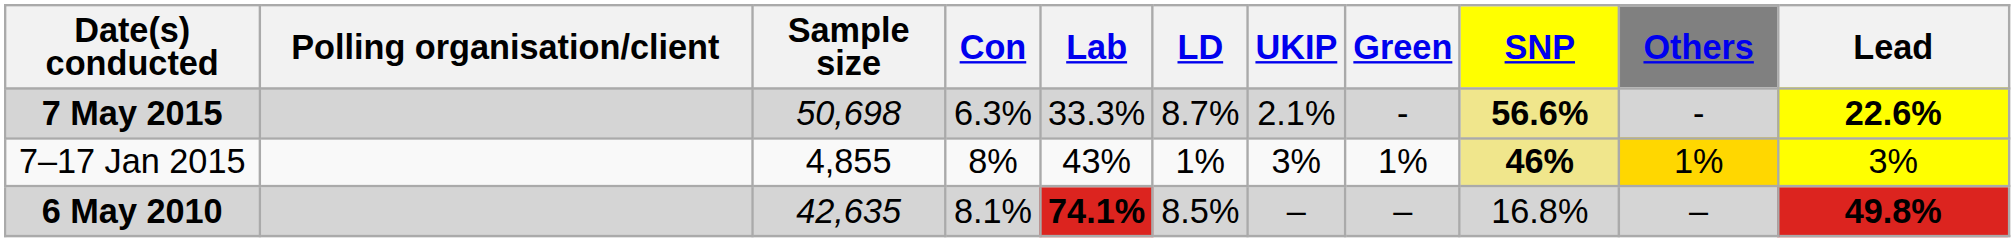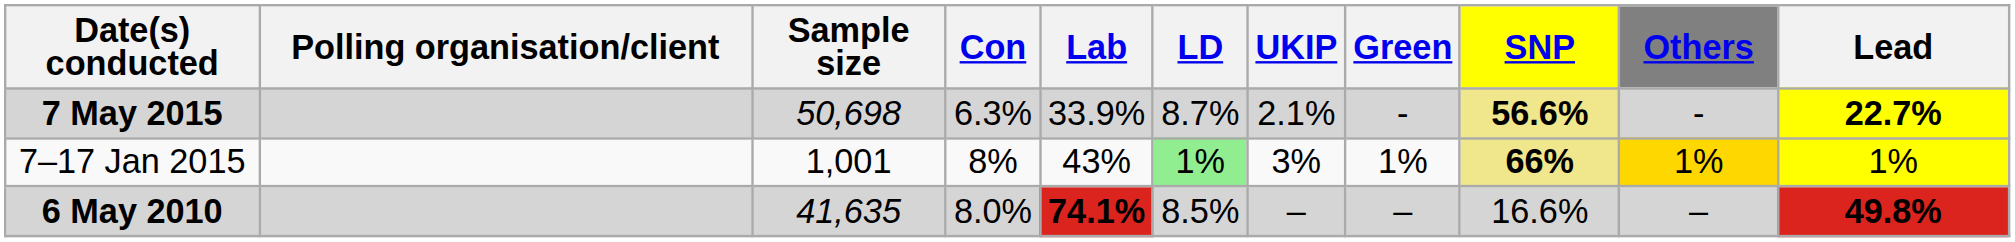 <table class="wikitable sortable" style="text-align:center;font-size:90%;line-height:14px">
 <tr>
 <th ! style="width:100px;">Date(s)<br>conducted</th>
 <th style="width:200px;">Polling organisation/client</th>
 <th class="unsortable" style="width:75px;">Sample size</th>
 <th class="unsortable" style="background:"><a href='#'><span>Con</span></a></th>
 <th class="unsortable" style="background:"><a href='#'><span>Lab</span></a></th>
 <th class="unsortable" style="background:"><a href='#'><span>LD</span></a></th>
 <th class="unsortable" style="background:"><a href='#'><span>UKIP</span></a></th>
 <th class="unsortable" style="background:"><a href='#'><span>Green</span></a></th>
 <th class="unsortable" style="background:#ffff00; width:60px;"><a href='#'><span>SNP</span></a></th>
 <th class="unsortable" style="background:gray; width:60px;"><a href='#'><span>Others</span></a></th>
 <th class="unsortable" style="width:90px;">Lead</th>
 </tr>
 <tr>
 <td style="background:#D5D5D5"><strong>7 May 2015</strong></td>
 <td style="background:#D5D5D5"></td>
 <td style="background:#D5D5D5"><em>50,698</em></td>
 <td style="background:#D5D5D5">6.3%</td>
-<td style="background:#D5D5D5">33.3%</td>
+<td style="background:#D5D5D5">33.9%</td>
 <td style="background:#D5D5D5">8.7%</td>
 <td style="background:#D5D5D5">2.1%</td>
 <td style="background:#D5D5D5">-</td>
 <td style="background:khaki"><strong>56.6%</strong></td>
 <td style="background:#D5D5D5">-</td>
-<td style="background:#ffff00"><strong>22.6% </strong></td>
+<td style="background:#ffff00"><strong>22.7% </strong></td>
 </tr>
 <tr>
 <td>7–17 Jan 2015</td>
 <td> </td>
-<td>4,855</td>
+<td>1,001</td>
 <td>8%</td>
 <td>43%</td>
-<td>1%</td>
+<td style="background: lightgreen;">1%</td>
 <td>3%</td>
 <td>1%</td>
-<td style="background:khaki"><strong>46%</strong></td>
+<td style="background:khaki"><strong>66%</strong></td>
 <td style="background: gold;">1%</td>
-<td style="background:#ff0"><span>3% </span></td>
+<td style="background:#ff0"><span>1% </span></td>
 </tr>
 <tr>
 <td style="background:#D5D5D5"><strong>6 May 2010</strong></td>
 <td style="background:#D5D5D5"></td>
-<td style="background:#D5D5D5"><em>42,635</em></td>
-<td style="background:#D5D5D5">8.1%</td>
+<td style="background:#D5D5D5"><em>41,635</em></td>
+<td style="background:#D5D5D5">8.0%</td>
 <td style="background:#dc241f"><span><strong>74.1%</strong></span></td>
 <td style="background:#D5D5D5">8.5%</td>
 <td style="background:#D5D5D5">–</td>
 <td style="background:#D5D5D5">–</td>
-<td style="background:#D5D5D5">16.8%</td>
+<td style="background:#D5D5D5">16.6%</td>
 <td style="background:#D5D5D5">–</td>
 <td style="background:#dc241f"><span><strong>49.8% </strong></span></td>
 </tr>
 </table>
